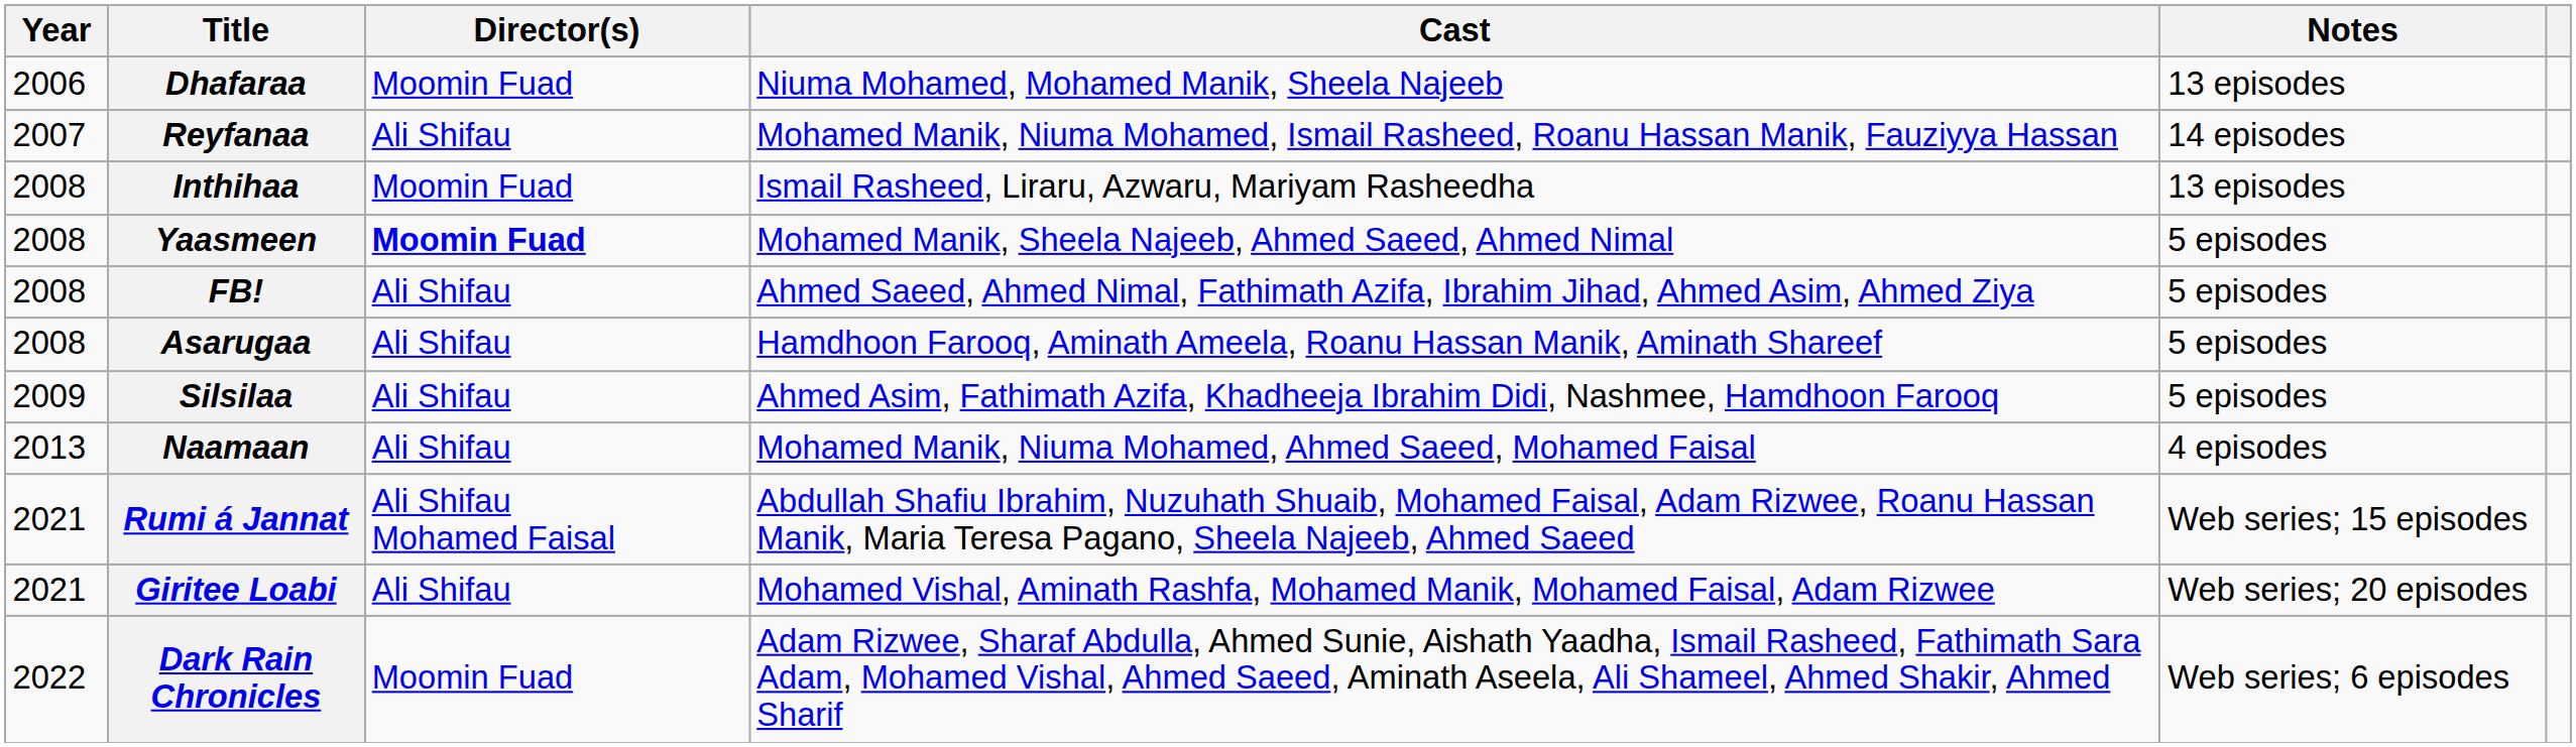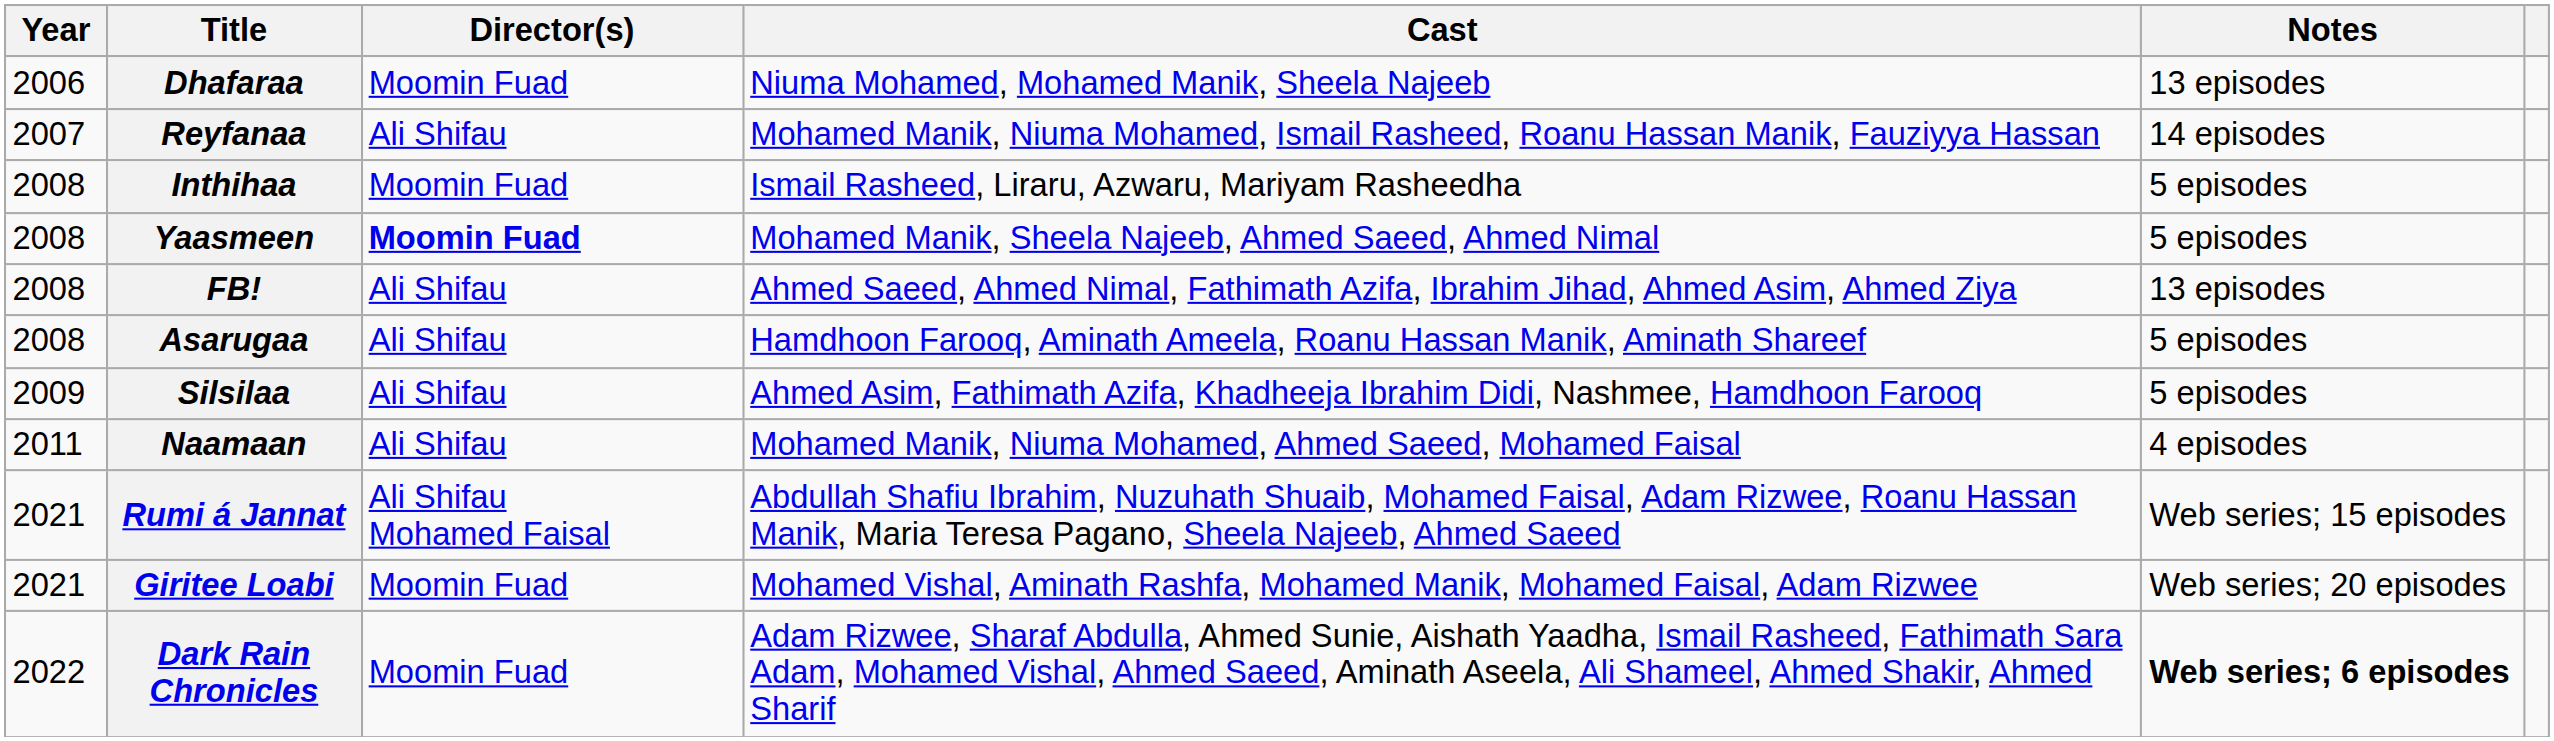 <table class="wikitable sortable plainrowheaders">
 <tr style="background:#ccc; text-align:center;">
 <th scope="col" width="4%">Year</th>
 <th scope="col" width="10%">Title</th>
 <th scope="col" width="15%">Director(s)</th>
 <th scope="col" width="55%">Cast</th>
 <th scope="col" width="15%">Notes</th>
 <th scope="col" class="unsortable"></th>
 </tr>
 <tr>
 <td>2006</td>
 <th scope="row"><em>Dhafaraa</em></th>
 <td><a href='#'>Moomin Fuad</a></td>
 <td><a href='#'>Niuma Mohamed</a>, <a href='#'>Mohamed Manik</a>, <a href='#'>Sheela Najeeb</a></td>
 <td>13 episodes</td>
 <td style="text-align: center;"></td>
 </tr>
 <tr>
 <td>2007</td>
 <th scope="row"><em>Reyfanaa</em></th>
 <td><a href='#'>Ali Shifau</a></td>
 <td><a href='#'>Mohamed Manik</a>, <a href='#'>Niuma Mohamed</a>, <a href='#'>Ismail Rasheed</a>, <a href='#'>Roanu Hassan Manik</a>, <a href='#'>Fauziyya Hassan</a></td>
 <td>14 episodes</td>
 <td style="text-align: center;"></td>
 </tr>
 <tr>
 <td>2008</td>
 <th scope="row"><em>Inthihaa</em></th>
 <td><a href='#'>Moomin Fuad</a></td>
 <td><a href='#'>Ismail Rasheed</a>, Liraru, Azwaru, Mariyam Rasheedha</td>
-<td>13 episodes</td>
+<td>5 episodes</td>
 <td style="text-align: center;"></td>
 </tr>
 <tr>
 <td>2008</td>
 <th scope="row"><em>Yaasmeen</em></th>
 <td><strong><a href='#'>Moomin Fuad</a></strong></td>
 <td><a href='#'>Mohamed Manik</a>, <a href='#'>Sheela Najeeb</a>, <a href='#'>Ahmed Saeed</a>, <a href='#'>Ahmed Nimal</a></td>
 <td>5 episodes</td>
 <td style="text-align: center;"></td>
 </tr>
 <tr>
 <td>2008</td>
 <th scope="row"><em>FB!</em></th>
 <td><a href='#'>Ali Shifau</a></td>
 <td><a href='#'>Ahmed Saeed</a>, <a href='#'>Ahmed Nimal</a>, <a href='#'>Fathimath Azifa</a>, <a href='#'>Ibrahim Jihad</a>, <a href='#'>Ahmed Asim</a>, <a href='#'>Ahmed Ziya</a></td>
-<td>5 episodes</td>
+<td>13 episodes</td>
 <td style="text-align: center;"></td>
 </tr>
 <tr>
 <td>2008</td>
 <th scope="row"><em>Asarugaa</em></th>
 <td><a href='#'>Ali Shifau</a></td>
 <td><a href='#'>Hamdhoon Farooq</a>, <a href='#'>Aminath Ameela</a>, <a href='#'>Roanu Hassan Manik</a>, <a href='#'>Aminath Shareef</a></td>
 <td>5 episodes</td>
 <td style="text-align: center;"></td>
 </tr>
 <tr>
 <td>2009</td>
 <th scope="row"><em>Silsilaa</em></th>
 <td><a href='#'>Ali Shifau</a></td>
 <td><a href='#'>Ahmed Asim</a>, <a href='#'>Fathimath Azifa</a>, <a href='#'>Khadheeja Ibrahim Didi</a>, Nashmee, <a href='#'>Hamdhoon Farooq</a></td>
 <td>5 episodes</td>
 <td style="text-align: center;"></td>
 </tr>
 <tr>
-<td>2013</td>
+<td>2011</td>
 <th scope="row"><em>Naamaan</em></th>
 <td><a href='#'>Ali Shifau</a></td>
 <td><a href='#'>Mohamed Manik</a>, <a href='#'>Niuma Mohamed</a>, <a href='#'>Ahmed Saeed</a>, <a href='#'>Mohamed Faisal</a></td>
 <td>4 episodes</td>
 <td style="text-align: center;"></td>
 </tr>
 <tr>
 <td>2021</td>
 <th scope="row"><em><a href='#'>Rumi á Jannat</a></em></th>
 <td><a href='#'>Ali Shifau</a><br><a href='#'>Mohamed Faisal</a></td>
 <td><a href='#'>Abdullah Shafiu Ibrahim</a>, <a href='#'>Nuzuhath Shuaib</a>, <a href='#'>Mohamed Faisal</a>, <a href='#'>Adam Rizwee</a>, <a href='#'>Roanu Hassan Manik</a>, Maria Teresa Pagano, <a href='#'>Sheela Najeeb</a>, <a href='#'>Ahmed Saeed</a></td>
 <td>Web series; 15 episodes</td>
 <td style="text-align: center;"></td>
 </tr>
 <tr>
 <td>2021</td>
 <th scope="row"><em><a href='#'>Giritee Loabi</a></em></th>
-<td><a href='#'>Ali Shifau</a></td>
+<td><a href='#'>Moomin Fuad</a></td>
 <td><a href='#'>Mohamed Vishal</a>, <a href='#'>Aminath Rashfa</a>, <a href='#'>Mohamed Manik</a>, <a href='#'>Mohamed Faisal</a>, <a href='#'>Adam Rizwee</a></td>
 <td>Web series; 20 episodes</td>
 <td style="text-align: center;"></td>
 </tr>
 <tr>
 <td>2022</td>
 <th scope="row"><em><a href='#'>Dark Rain Chronicles</a></em></th>
 <td><a href='#'>Moomin Fuad</a></td>
 <td><a href='#'>Adam Rizwee</a>, <a href='#'>Sharaf Abdulla</a>, Ahmed Sunie, Aishath Yaadha, <a href='#'>Ismail Rasheed</a>, <a href='#'>Fathimath Sara Adam</a>, <a href='#'>Mohamed Vishal</a>, <a href='#'>Ahmed Saeed</a>, Aminath Aseela, <a href='#'>Ali Shameel</a>, <a href='#'>Ahmed Shakir</a>, <a href='#'>Ahmed Sharif</a></td>
-<td>Web series; 6 episodes</td>
+<td><strong>Web series; 6 episodes</strong></td>
 <td style="text-align:center;"></td>
 </tr>
 <tr>
 </tr>
 </table>
